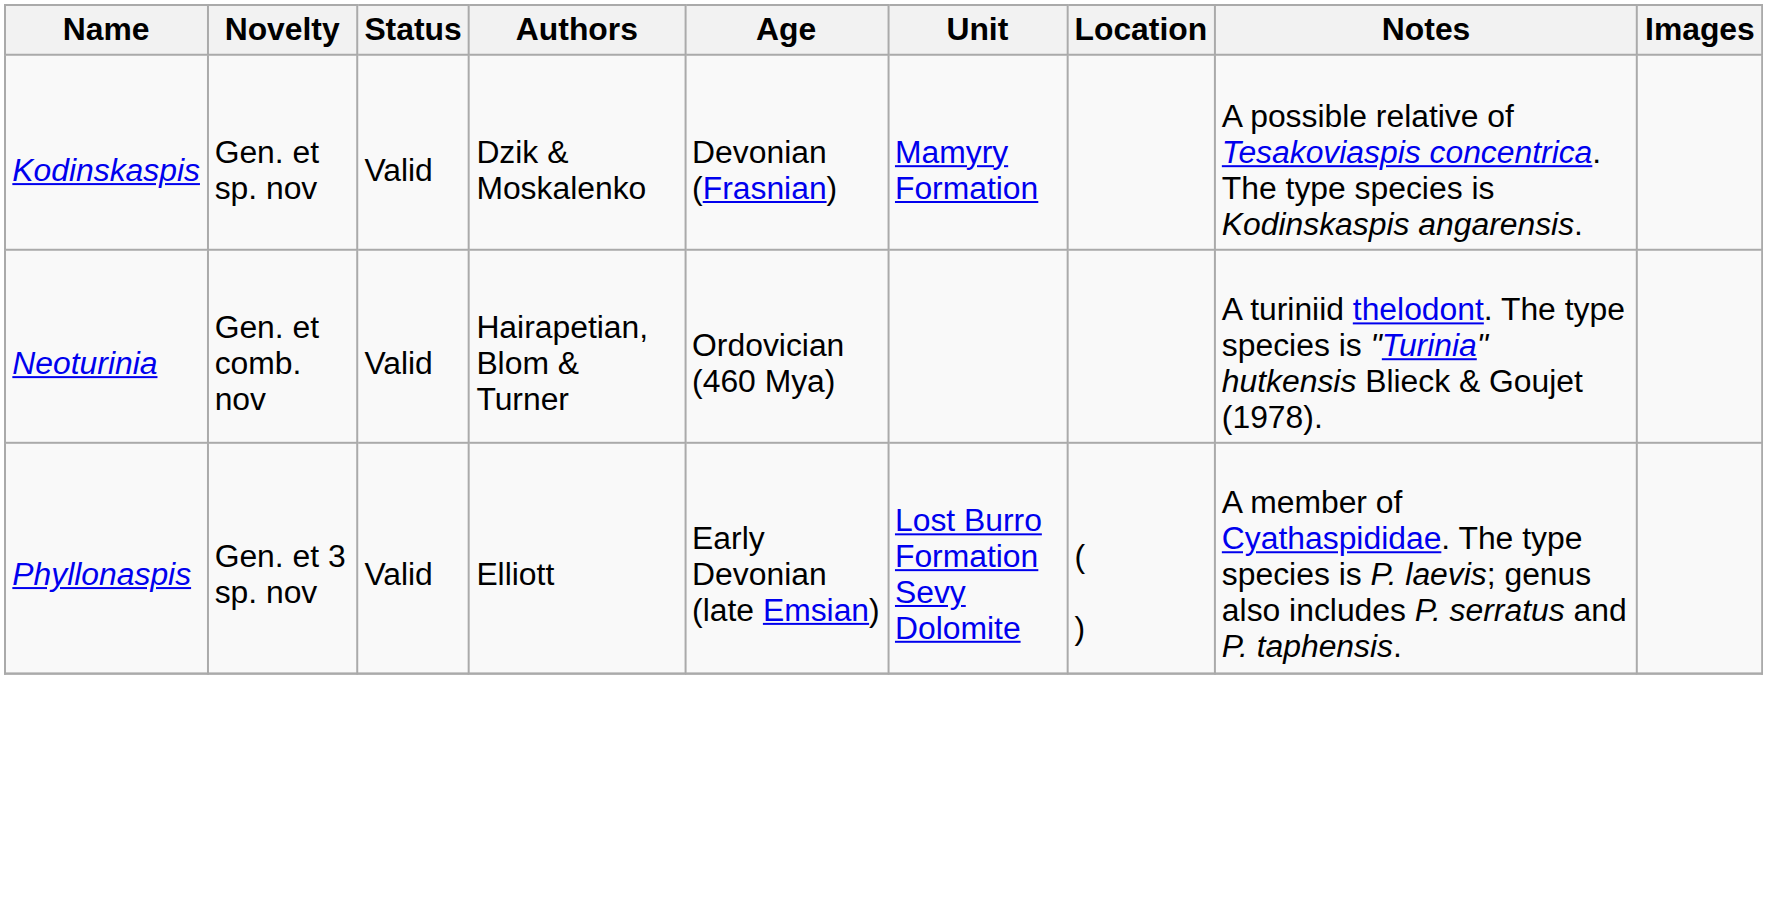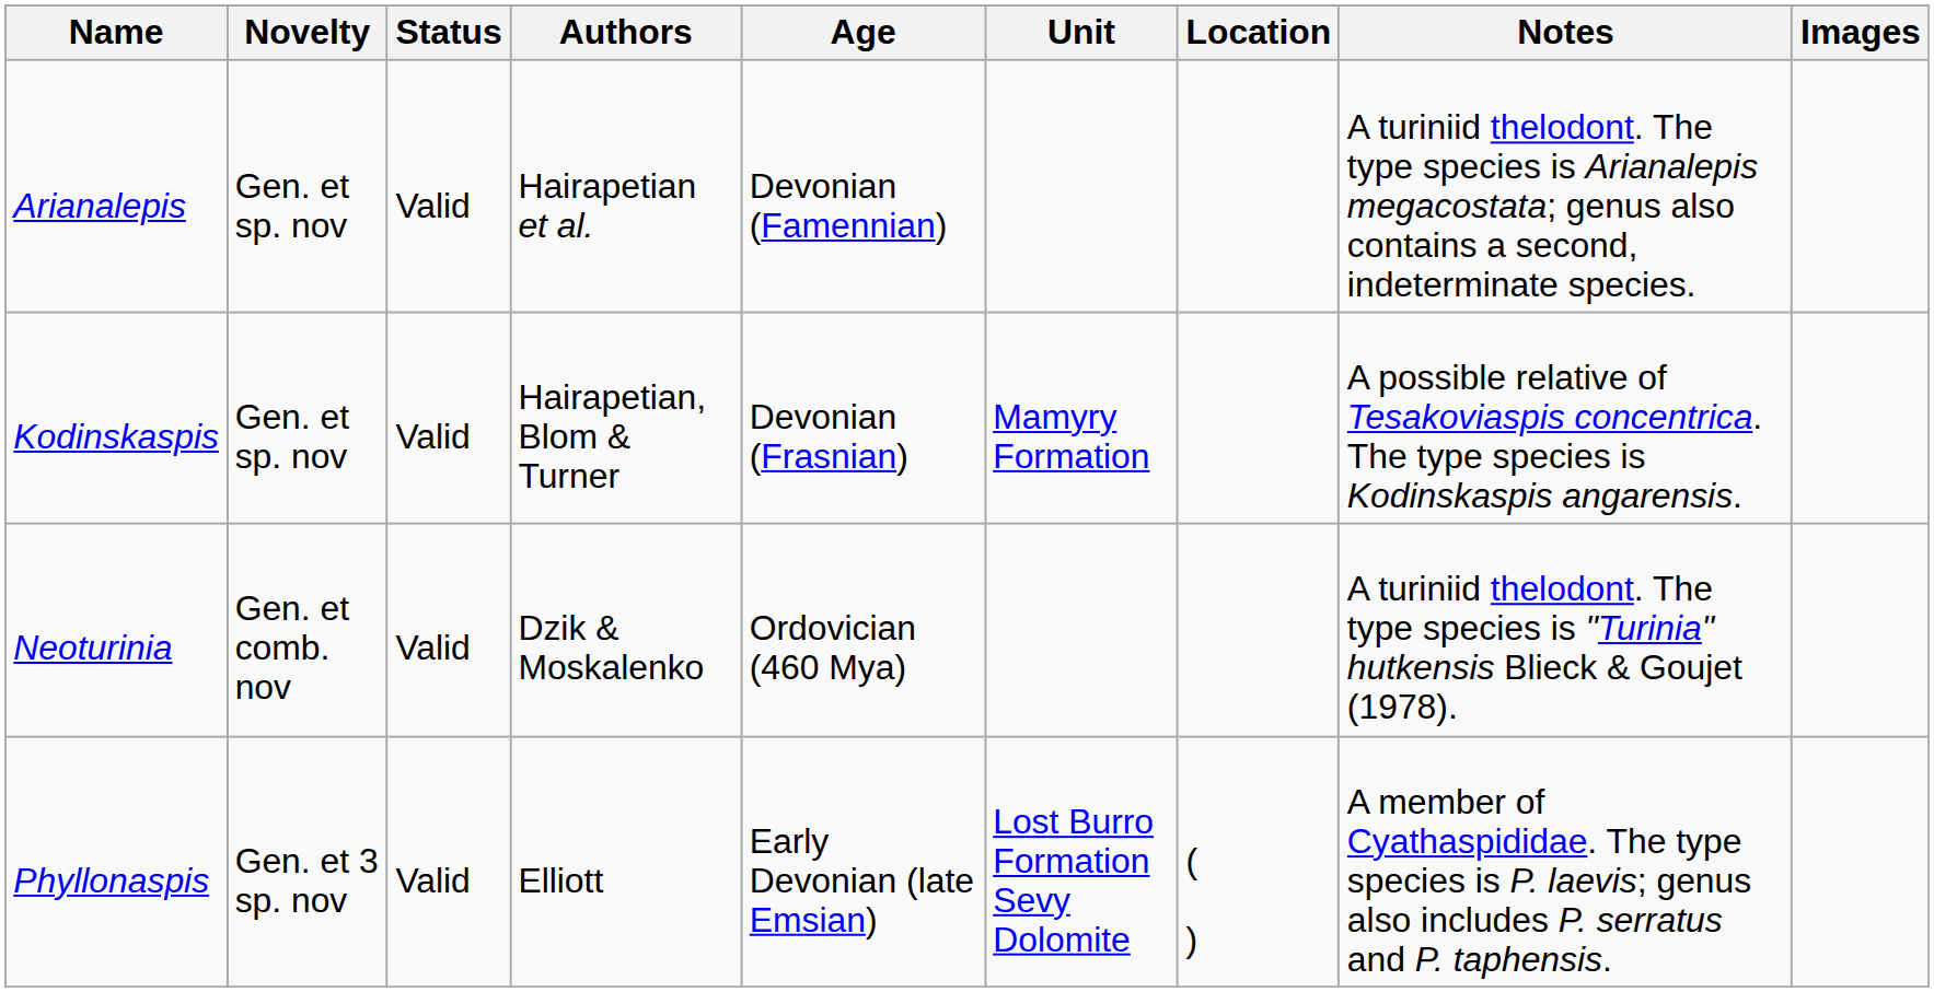 <table class="wikitable sortable" align="center" width="100%">
 <tr>
 <th>Name</th>
 <th>Novelty</th>
 <th>Status</th>
 <th>Authors</th>
 <th>Age</th>
 <th>Unit</th>
 <th>Location</th>
 <th>Notes</th>
 <th>Images</th>
 </tr>
 <tr>
+<td><br><em><a href='#'>Arianalepis</a></em></td>
+<td><br>Gen. et sp. nov</td>
+<td><br>Valid</td>
+<td><br>Hairapetian <em>et al.</em></td>
+<td><br>Devonian (<a href='#'>Famennian</a>)</td>
+<td></td>
+<td><br><br> </td>
+<td><br>A turiniid <a href='#'>thelodont</a>. The type species is <em>Arianalepis megacostata</em>; genus also contains a second, indeterminate species.</td>
+<td></td>
+</tr>
+<tr>
 <td><br><em><a href='#'>Kodinskaspis</a></em></td>
 <td><br>Gen. et sp. nov</td>
 <td><br>Valid</td>
-<td><br>Dzik & Moskalenko</td>
+<td><br>Hairapetian, Blom & Turner</td>
 <td><br>Devonian (<a href='#'>Frasnian</a>)</td>
 <td><br><a href='#'>Mamyry Formation</a></td>
 <td><br></td>
 <td><br>A possible relative of <em><a href='#'>Tesakoviaspis concentrica</a></em>. The type species is <em>Kodinskaspis angarensis</em>.</td>
 <td></td>
 </tr>
 <tr>
 <td><br><em><a href='#'>Neoturinia</a></em></td>
 <td><br>Gen. et comb. nov</td>
 <td><br>Valid</td>
-<td><br>Hairapetian, Blom & Turner</td>
+<td><br>Dzik & Moskalenko</td>
 <td><br>Ordovician (460 Mya)</td>
 <td></td>
 <td><br></td>
 <td><br>A turiniid <a href='#'>thelodont</a>. The type species is <em>"<a href='#'>Turinia</a>" hutkensis</em> Blieck & Goujet (1978).</td>
 <td></td>
 </tr>
 <tr>
 <td><br><em><a href='#'>Phyllonaspis</a></em></td>
 <td><br>Gen. et 3 sp. nov</td>
 <td><br>Valid</td>
 <td><br>Elliott</td>
 <td><br>Early Devonian (late <a href='#'>Emsian</a>)</td>
 <td><br><a href='#'>Lost Burro Formation</a><br> <a href='#'>Sevy Dolomite</a></td>
 <td><br><br>(<br><br>)</td>
 <td><br>A member of <a href='#'>Cyathaspididae</a>. The type species is <em>P. laevis</em>; genus also includes <em>P. serratus</em> and <em>P. taphensis</em>.</td>
 <td></td>
 </tr>
 <tr>
 </tr>
 </table>
